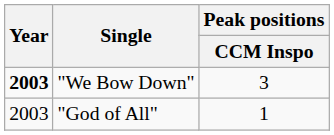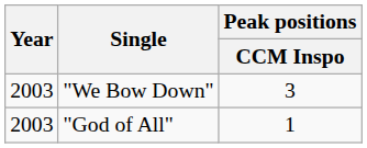 <table class="wikitable">
 <tr>
 <th rowspan="2">Year</th>
 <th rowspan="2">Single</th>
 <th>Peak positions</th>
 </tr>
 <tr>
 <th>CCM Inspo</th>
 </tr>
 <tr>
-<td><strong>2003</strong></td>
+<td>2003</td>
 <td>"We Bow Down"</td>
 <td align="center">3</td>
 </tr>
 <tr>
 <td>2003</td>
 <td>"God of All"</td>
 <td align="center">1</td>
 </tr>
 </table>
